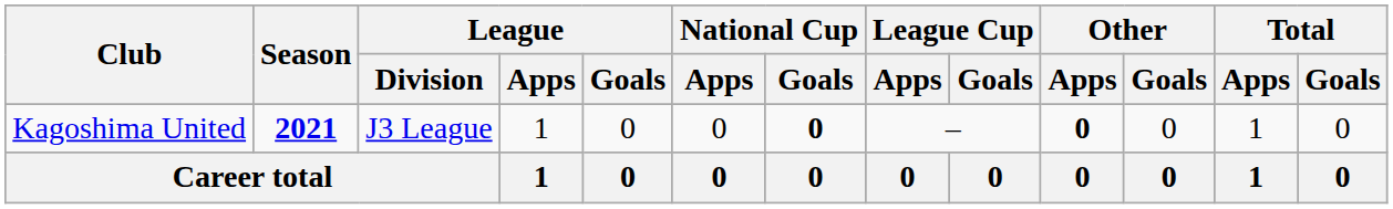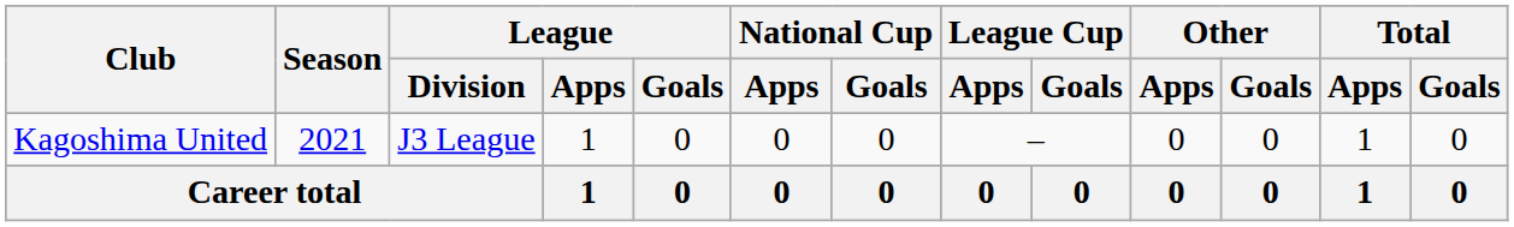 <table class="wikitable" style="text-align: center">
 <tr>
 <th rowspan="2">Club</th>
 <th rowspan="2">Season</th>
 <th colspan="3">League</th>
 <th colspan="2">National Cup</th>
 <th colspan="2">League Cup</th>
 <th colspan="2">Other</th>
 <th colspan="2">Total</th>
 </tr>
 <tr>
 <th>Division</th>
 <th>Apps</th>
 <th>Goals</th>
 <th>Apps</th>
 <th>Goals</th>
 <th>Apps</th>
 <th>Goals</th>
 <th>Apps</th>
 <th>Goals</th>
 <th>Apps</th>
 <th>Goals</th>
 </tr>
 <tr>
 <td><a href='#'>Kagoshima United</a></td>
-<td><strong><a href='#'>2021</a></strong></td>
+<td><a href='#'>2021</a></td>
 <td><a href='#'>J3 League</a></td>
 <td>1</td>
 <td>0</td>
 <td>0</td>
-<td><strong>0</strong></td>
+<td>0</td>
 <td colspan="2">–</td>
-<td><strong>0</strong></td>
+<td>0</td>
 <td>0</td>
 <td>1</td>
 <td>0</td>
 </tr>
 <tr>
 <th colspan=3>Career total</th>
 <th>1</th>
 <th>0</th>
 <th>0</th>
 <th>0</th>
 <th>0</th>
 <th>0</th>
 <th>0</th>
 <th>0</th>
 <th>1</th>
 <th>0</th>
 </tr>
 </table>
